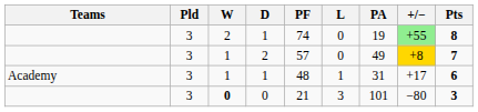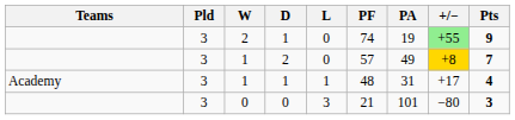 <table class="wikitable" style="text-align: center;">
 <tr>
 <th width="200">Teams</th>
 <th width="40">Pld</th>
 <th width="40">W</th>
 <th width="40">D</th>
+<th width="40">L</th>
 <th width="40">PF</th>
-<th width="40">L</th>
 <th width="40">PA</th>
 <th width="40">+/−</th>
 <th width="40">Pts</th>
 </tr>
 <tr>
 <td align=left></td>
 <td>3</td>
 <td>2</td>
 <td>1</td>
+<td>0</td>
 <td>74</td>
-<td>0</td>
 <td>19</td>
 <td style="background: lightgreen;">+55</td>
-<td><strong>8</strong></td>
+<td><strong>9</strong></td>
 </tr>
 <tr>
 <td align=left></td>
 <td>3</td>
 <td>1</td>
 <td>2</td>
+<td>0</td>
 <td>57</td>
-<td>0</td>
 <td>49</td>
 <td style="background: gold;">+8</td>
 <td><strong>7</strong></td>
 </tr>
 <tr>
 <td align=left> Academy</td>
 <td>3</td>
 <td>1</td>
 <td>1</td>
+<td>1</td>
 <td>48</td>
-<td>1</td>
 <td>31</td>
 <td>+17</td>
-<td><strong>6</strong></td>
+<td><strong>4</strong></td>
 </tr>
 <tr>
 <td align=left></td>
 <td>3</td>
-<td><strong>0</strong></td>
 <td>0</td>
+<td>0</td>
+<td>3</td>
 <td>21</td>
-<td>3</td>
 <td>101</td>
 <td>−80</td>
 <td><strong>3</strong></td>
 </tr>
 </table>
